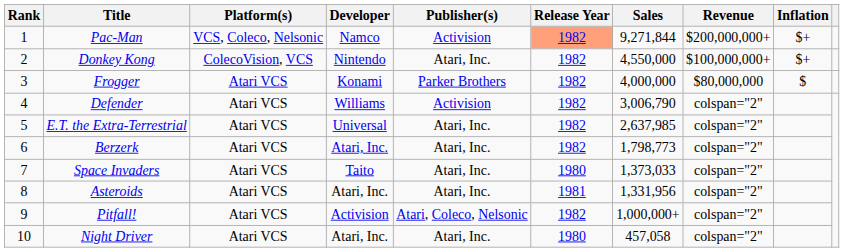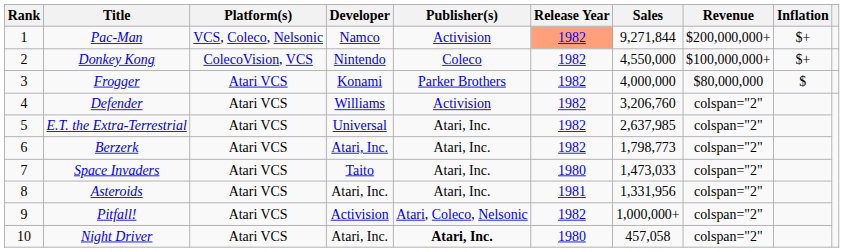 <table class="wikitable sortable" style="text-align:center">
 <tr>
 <th>Rank</th>
 <th>Title</th>
 <th>Platform(s)</th>
 <th>Developer</th>
 <th>Publisher(s)</th>
 <th>Release Year</th>
 <th>Sales</th>
 <th>Revenue</th>
 <th>Inflation</th>
 <th class="unsortable"></th>
 </tr>
 <tr>
 <td>1</td>
 <td><em><a href='#'>Pac-Man</a></em></td>
 <td><a href='#'>VCS</a>, <a href='#'>Coleco</a>, <a href='#'>Nelsonic</a></td>
 <td><a href='#'>Namco</a></td>
 <td><a href='#'>Activision</a></td>
 <td style="background: lightsalmon;"><a href='#'>1982</a></td>
 <td>9,271,844</td>
 <td>$200,000,000+</td>
 <td>$+</td>
 <td></td>
 </tr>
 <tr>
 <td>2</td>
 <td><em><a href='#'>Donkey Kong</a></em></td>
 <td><a href='#'>ColecoVision</a>, <a href='#'>VCS</a></td>
 <td><a href='#'>Nintendo</a></td>
-<td>Atari, Inc.</td>
+<td><a href='#'>Coleco</a></td>
 <td><a href='#'>1982</a></td>
 <td>4,550,000</td>
 <td>$100,000,000+</td>
 <td>$+</td>
 <td></td>
 </tr>
 <tr>
 <td>3</td>
 <td><em><a href='#'>Frogger</a></em></td>
 <td><a href='#'>Atari VCS</a></td>
 <td><a href='#'>Konami</a></td>
 <td><a href='#'>Parker Brothers</a></td>
 <td><a href='#'>1982</a></td>
 <td>4,000,000</td>
 <td>$80,000,000</td>
 <td>$</td>
 <td></td>
 </tr>
 <tr>
 <td>4</td>
 <td><em><a href='#'>Defender</a></em></td>
 <td>Atari VCS</td>
 <td><a href='#'>Williams</a></td>
 <td><a href='#'>Activision</a></td>
 <td><a href='#'>1982</a></td>
-<td>3,006,790</td>
+<td>3,206,760</td>
 <td>colspan="2" </td>
 <td></td>
 </tr>
 <tr>
 <td>5</td>
 <td><em><a href='#'>E.T. the Extra-Terrestrial</a></em></td>
 <td>Atari VCS</td>
 <td><a href='#'>Universal</a></td>
 <td>Atari, Inc.</td>
 <td><a href='#'>1982</a></td>
 <td>2,637,985</td>
 <td>colspan="2" </td>
 <td></td>
 </tr>
 <tr>
 <td>6</td>
 <td><em><a href='#'>Berzerk</a></em></td>
 <td>Atari VCS</td>
 <td><a href='#'>Atari, Inc.</a></td>
 <td>Atari, Inc.</td>
 <td><a href='#'>1982</a></td>
 <td>1,798,773</td>
 <td>colspan="2" </td>
 <td></td>
 </tr>
 <tr>
 <td>7</td>
 <td><em><a href='#'>Space Invaders</a></em></td>
 <td>Atari VCS</td>
 <td><a href='#'>Taito</a></td>
 <td>Atari, Inc.</td>
 <td><a href='#'>1980</a></td>
-<td>1,373,033</td>
+<td>1,473,033</td>
 <td>colspan="2" </td>
 <td></td>
 </tr>
 <tr>
 <td>8</td>
 <td><em><a href='#'>Asteroids</a></em></td>
 <td>Atari VCS</td>
 <td>Atari, Inc.</td>
 <td>Atari, Inc.</td>
 <td><a href='#'>1981</a></td>
 <td>1,331,956</td>
 <td>colspan="2" </td>
 <td></td>
 </tr>
 <tr>
 <td>9</td>
 <td><em><a href='#'>Pitfall!</a></em></td>
 <td>Atari VCS</td>
 <td><a href='#'>Activision</a></td>
 <td><a href='#'>Atari</a>, <a href='#'>Coleco</a>, <a href='#'>Nelsonic</a></td>
 <td><a href='#'>1982</a></td>
 <td>1,000,000+</td>
 <td>colspan="2" </td>
 <td></td>
 </tr>
 <tr>
 <td>10</td>
 <td><a href='#'><em>Night Driver</em></a></td>
 <td>Atari VCS</td>
 <td>Atari, Inc.</td>
-<td>Atari, Inc.</td>
+<td><strong>Atari, Inc.</strong></td>
 <td><a href='#'>1980</a></td>
 <td>457,058</td>
 <td>colspan="2" </td>
 <td></td>
 </tr>
 </table>
